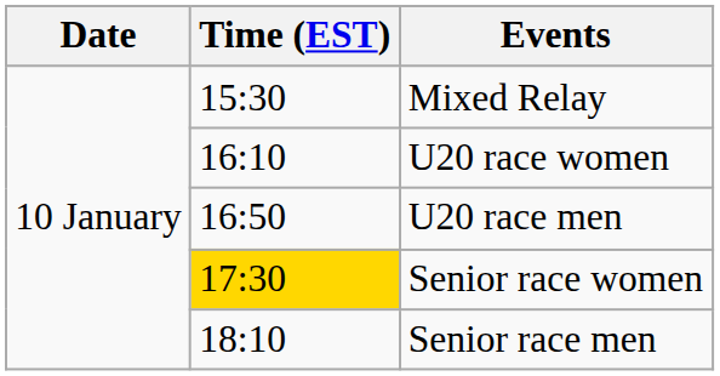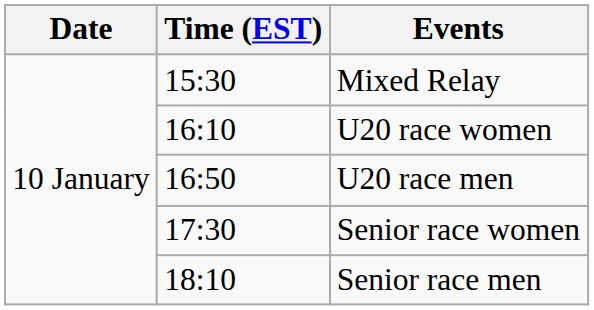 <table class="wikitable">
 <tr>
 <th>Date</th>
 <th>Time (<a href='#'>EST</a>)</th>
 <th>Events</th>
 </tr>
 <tr>
 <td rowspan=5>10 January</td>
 <td>15:30</td>
 <td>Mixed Relay</td>
 </tr>
 <tr>
 <td>16:10</td>
 <td>U20 race women</td>
 </tr>
 <tr>
 <td>16:50</td>
 <td>U20 race men</td>
 </tr>
 <tr>
-<td style="background: gold;">17:30</td>
+<td>17:30</td>
 <td>Senior race women</td>
 </tr>
 <tr>
 <td>18:10</td>
 <td>Senior race men</td>
 </tr>
 </table>
